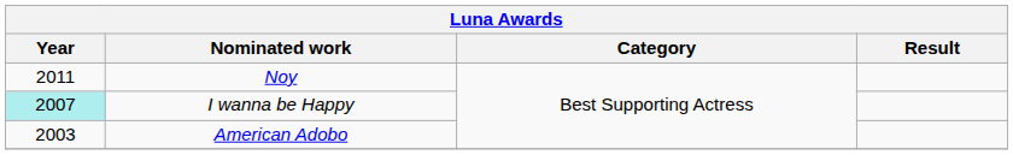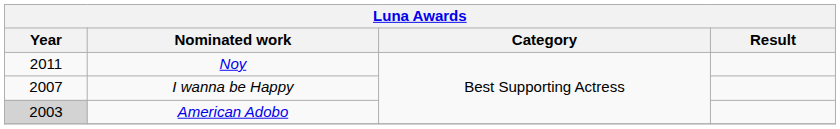 <table width="70%" class="wikitable sortable">
 <tr>
 <th colspan="4" align="center"><a href='#'>Luna Awards</a></th>
 </tr>
 <tr>
 <th width="10%">Year</th>
 <th width="35%">Nominated work</th>
 <th width="40%">Category</th>
 <th width="15%">Result</th>
 </tr>
 <tr>
 <td align="center">2011</td>
 <td align="center"><em><a href='#'>Noy</a></em></td>
 <td align="center" rowspan=3>Best Supporting Actress</td>
 <td></td>
 </tr>
 <tr>
-<td align="center" style="background: paleturquoise;">2007</td>
+<td align="center">2007</td>
 <td align="center"><em>I wanna be Happy</em></td>
 <td></td>
 </tr>
 <tr>
-<td align="center">2003</td>
+<td align="center" style="background: lightgrey;">2003</td>
 <td align="center"><em><a href='#'>American Adobo</a></em></td>
 <td></td>
 </tr>
 <tr>
 </tr>
 </table>
